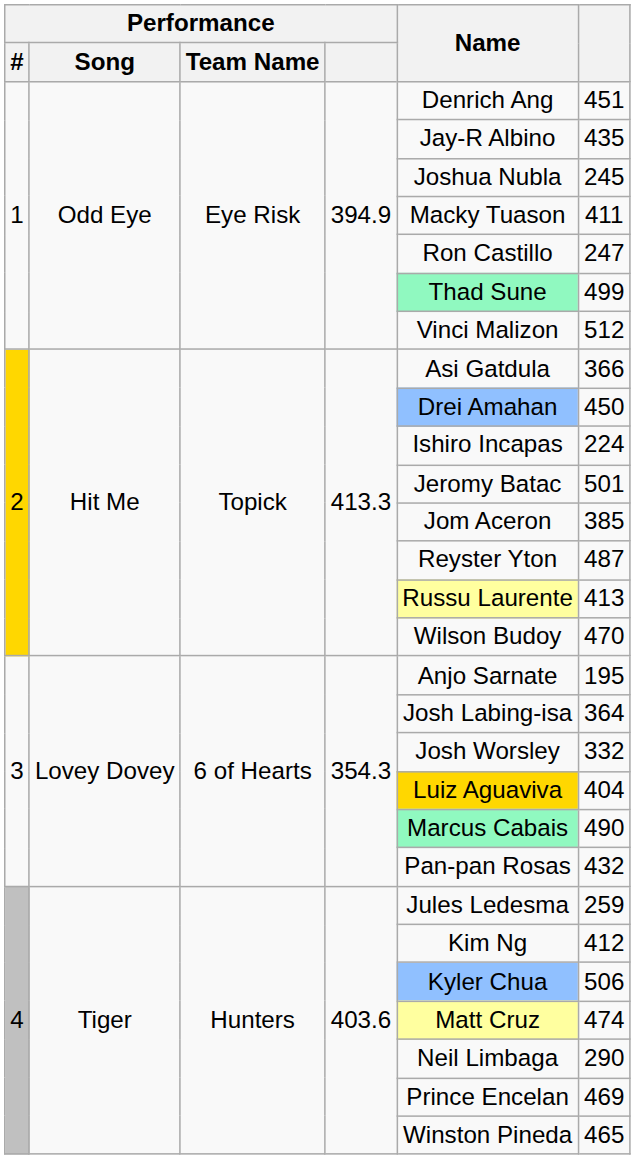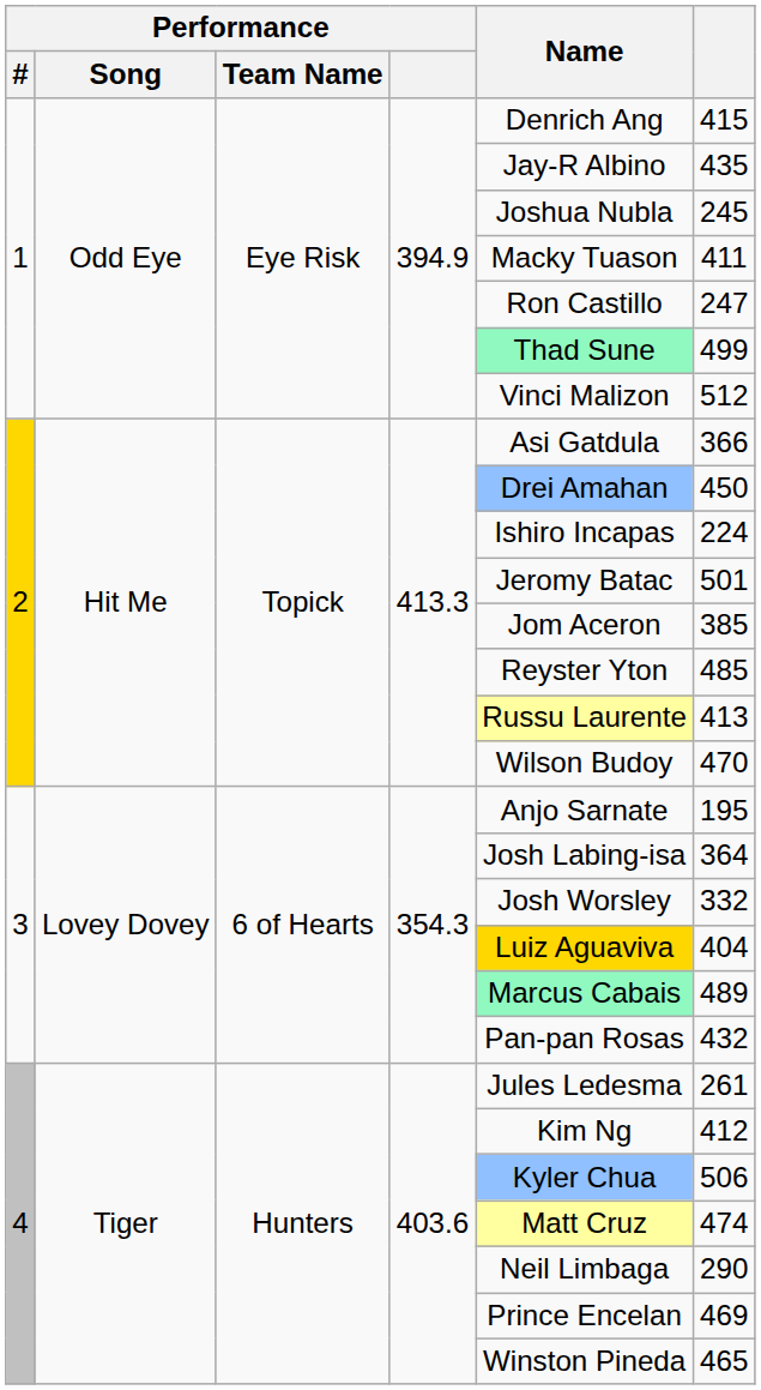 <table class="wikitable sortable" style="text-align:center;">
 <tr>
 <th colspan="4" class=unsortable>Performance</th>
 <th rowspan="2" class=unsortable>Name</th>
 <th rowspan="2"></th>
 </tr>
 <tr>
 <th class=unsortable>#</th>
 <th class=unsortable>Song</th>
 <th class=unsortable>Team Name</th>
 <th></th>
 </tr>
 <tr>
 <td rowspan="7">1</td>
 <td rowspan="7">Odd Eye</td>
 <td rowspan="7">Eye Risk</td>
 <td rowspan="7">394.9</td>
 <td>Denrich Ang</td>
-<td>451</td>
+<td>415</td>
 </tr>
 <tr>
 <td>Jay-R Albino</td>
 <td>435</td>
 </tr>
 <tr>
 <td>Joshua Nubla</td>
 <td>245</td>
 </tr>
 <tr>
 <td>Macky Tuason</td>
 <td>411</td>
 </tr>
 <tr>
 <td>Ron Castillo</td>
 <td>247</td>
 </tr>
 <tr>
 <td style="background:#90F9C0">Thad Sune</td>
 <td>499</td>
 </tr>
 <tr>
 <td>Vinci Malizon</td>
 <td>512</td>
 </tr>
 <tr>
 <td rowspan="8" style="background:gold">2</td>
 <td rowspan="8">Hit Me</td>
 <td rowspan="8">Topick</td>
 <td rowspan="8">413.3</td>
 <td>Asi Gatdula</td>
 <td>366</td>
 </tr>
 <tr>
 <td style="background:#90C0FF">Drei Amahan</td>
 <td>450</td>
 </tr>
 <tr>
 <td>Ishiro Incapas</td>
 <td>224</td>
 </tr>
 <tr>
 <td>Jeromy Batac</td>
 <td>501</td>
 </tr>
 <tr>
 <td>Jom Aceron</td>
 <td>385</td>
 </tr>
 <tr>
 <td>Reyster Yton</td>
-<td>487</td>
+<td>485</td>
 </tr>
 <tr>
 <td style="background:#FFFF9F">Russu Laurente</td>
 <td>413</td>
 </tr>
 <tr>
 <td>Wilson Budoy</td>
 <td>470</td>
 </tr>
 <tr>
 <td rowspan="6">3</td>
 <td rowspan="6">Lovey Dovey</td>
 <td rowspan="6">6 of Hearts</td>
 <td rowspan="6">354.3</td>
 <td>Anjo Sarnate</td>
 <td>195</td>
 </tr>
 <tr>
 <td>Josh Labing-isa</td>
 <td>364</td>
 </tr>
 <tr>
 <td>Josh Worsley</td>
 <td>332</td>
 </tr>
 <tr>
 <td style="background: gold;">Luiz Aguaviva</td>
 <td>404</td>
 </tr>
 <tr>
 <td style="background:#90F9C0">Marcus Cabais</td>
-<td>490</td>
+<td>489</td>
 </tr>
 <tr>
 <td>Pan-pan Rosas</td>
 <td>432</td>
 </tr>
 <tr>
 <td rowspan="7" style="background:silver">4</td>
 <td rowspan="7">Tiger</td>
 <td rowspan="7">Hunters</td>
 <td rowspan="7">403.6</td>
 <td>Jules Ledesma</td>
-<td>259</td>
+<td>261</td>
 </tr>
 <tr>
 <td>Kim Ng</td>
 <td>412</td>
 </tr>
 <tr>
 <td style="background:#90C0FF">Kyler Chua</td>
 <td>506</td>
 </tr>
 <tr>
 <td style="background:#FFFF9F">Matt Cruz</td>
 <td>474</td>
 </tr>
 <tr>
 <td>Neil Limbaga</td>
 <td>290</td>
 </tr>
 <tr>
 <td>Prince Encelan</td>
 <td>469</td>
 </tr>
 <tr>
 <td>Winston Pineda</td>
 <td>465</td>
 </tr>
 </table>
